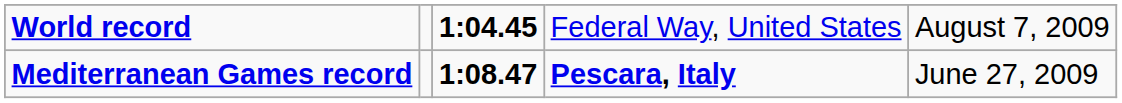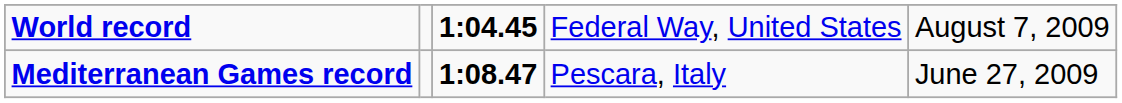 <table class="wikitable">
 <tr>
 <td><strong><a href='#'>World record</a></strong></td>
 <td></td>
 <td><strong>1:04.45</strong></td>
 <td><a href='#'>Federal Way</a>, <a href='#'>United States</a></td>
 <td>August 7, 2009</td>
 </tr>
 <tr>
 <td><strong><a href='#'>Mediterranean Games record</a></strong></td>
 <td></td>
 <td><strong>1:08.47</strong></td>
-<td><strong><a href='#'>Pescara</a>, <a href='#'>Italy</a></strong></td>
+<td><a href='#'>Pescara</a>, <a href='#'>Italy</a></td>
 <td>June 27, 2009</td>
 </tr>
 </table>
